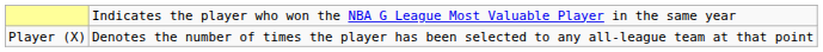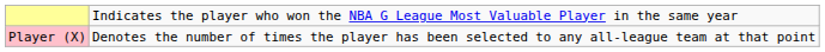 <table class="wikitable">
 <tr>
 <td style="background-color:#FFFF99; border:1px solid #aaaaaa;"></td>
 <td>Indicates the player who won the <a href='#'>NBA G League Most Valuable Player</a> in the same year</td>
 </tr>
 <tr>
-<td>Player (X)</td>
+<td style="background: pink;">Player (X)</td>
 <td>Denotes the number of times the player has been selected to any all-league team at that point</td>
 </tr>
 </table>
